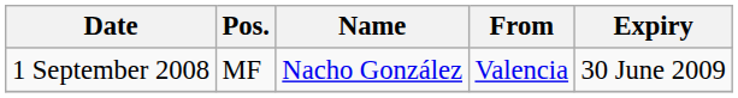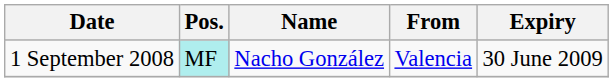 <table class="wikitable">
 <tr>
 <th>Date</th>
 <th>Pos.</th>
 <th>Name</th>
 <th>From</th>
 <th>Expiry</th>
 </tr>
 <tr>
 <td>1 September 2008</td>
-<td>MF</td>
+<td style="background: paleturquoise;">MF</td>
 <td> <a href='#'>Nacho González</a></td>
 <td> <a href='#'>Valencia</a></td>
 <td>30 June 2009</td>
 </tr>
 <tr>
 </tr>
 </table>
